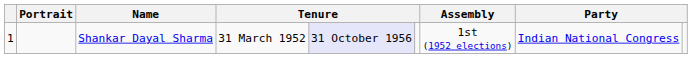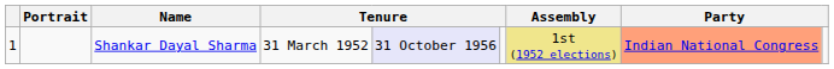 <table class="wikitable" style="text-align:center">
 <tr>
 <th scope="col"></th>
 <th scope="col">Portrait</th>
 <th scope="col">Name</th>
 <th colspan="3" scope="col">Tenure</th>
 <th scope="col">Assembly</th>
 <th colspan="2" scope="col">Party</th>
 </tr>
 <tr>
 <td scope="row">1</td>
 <td></td>
 <td><a href='#'>Shankar Dayal Sharma</a></td>
 <td>31 March 1952</td>
 <td style="background: lavender;">31 October 1956</td>
 <td></td>
-<td>1st<br><small>(<a href='#'>1952 elections</a>)</small></td>
-<td><a href='#'>Indian National Congress</a></td>
+<td style="background: khaki;">1st<br><small>(<a href='#'>1952 elections</a>)</small></td>
+<td style="background: lightsalmon;"><a href='#'>Indian National Congress</a></td>
 <td rowspan="9" style="background-color: "></td>
 </tr>
 </table>
